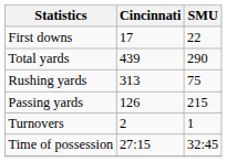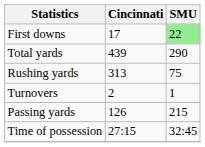 <table class="wikitable" style="float: right;">
 <tr>
 <th>Statistics</th>
 <th>Cincinnati</th>
 <th>SMU</th>
 </tr>
 <tr>
 <td>First downs</td>
 <td>17</td>
-<td>22</td>
+<td style="background: lightgreen;">22</td>
 </tr>
 <tr>
 <td>Total yards</td>
 <td>439</td>
 <td>290</td>
 </tr>
 <tr>
 <td>Rushing yards</td>
 <td>313</td>
 <td>75</td>
 </tr>
 <tr>
+<td>Turnovers</td>
+<td>2</td>
+<td>1</td>
+</tr>
+<tr>
 <td>Passing yards</td>
 <td>126</td>
 <td>215</td>
-</tr>
-<tr>
-<td>Turnovers</td>
-<td>2</td>
-<td>1</td>
 </tr>
 <tr>
 <td>Time of possession</td>
 <td>27:15</td>
 <td>32:45</td>
 </tr>
 <tr>
 </tr>
 </table>
